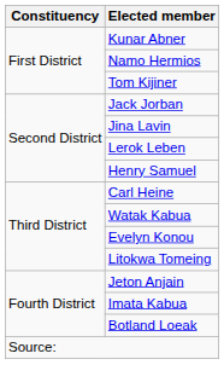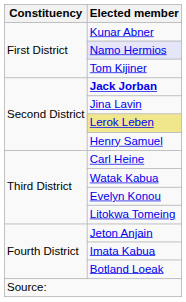 <table class=wikitable>
 <tr>
 <th>Constituency</th>
 <th>Elected member</th>
 </tr>
 <tr>
 <td rowspan=3>First District</td>
 <td><a href='#'>Kunar Abner</a></td>
 </tr>
 <tr>
-<td><a href='#'>Namo Hermios</a></td>
+<td style="background: lavender;"><a href='#'>Namo Hermios</a></td>
 </tr>
 <tr>
 <td><a href='#'>Tom Kijiner</a></td>
 </tr>
 <tr>
 <td rowspan=4>Second District</td>
-<td><a href='#'>Jack Jorban</a></td>
+<td><strong><a href='#'>Jack Jorban</a></strong></td>
 </tr>
 <tr>
 <td><a href='#'>Jina Lavin</a></td>
 </tr>
 <tr>
-<td><a href='#'>Lerok Leben</a></td>
+<td style="background: khaki;"><a href='#'>Lerok Leben</a></td>
 </tr>
 <tr>
 <td><a href='#'>Henry Samuel</a></td>
 </tr>
 <tr>
 <td rowspan=4>Third District</td>
 <td><a href='#'>Carl Heine</a></td>
 </tr>
 <tr>
 <td><a href='#'>Watak Kabua</a></td>
 </tr>
 <tr>
 <td><a href='#'>Evelyn Konou</a></td>
 </tr>
 <tr>
 <td><a href='#'>Litokwa Tomeing</a></td>
 </tr>
 <tr>
 <td rowspan=3>Fourth District</td>
 <td><a href='#'>Jeton Anjain</a></td>
 </tr>
 <tr>
 <td><a href='#'>Imata Kabua</a></td>
 </tr>
 <tr>
 <td><a href='#'>Botland Loeak</a></td>
 </tr>
 <tr>
 <td colspan=2>Source: </td>
 </tr>
 </table>
